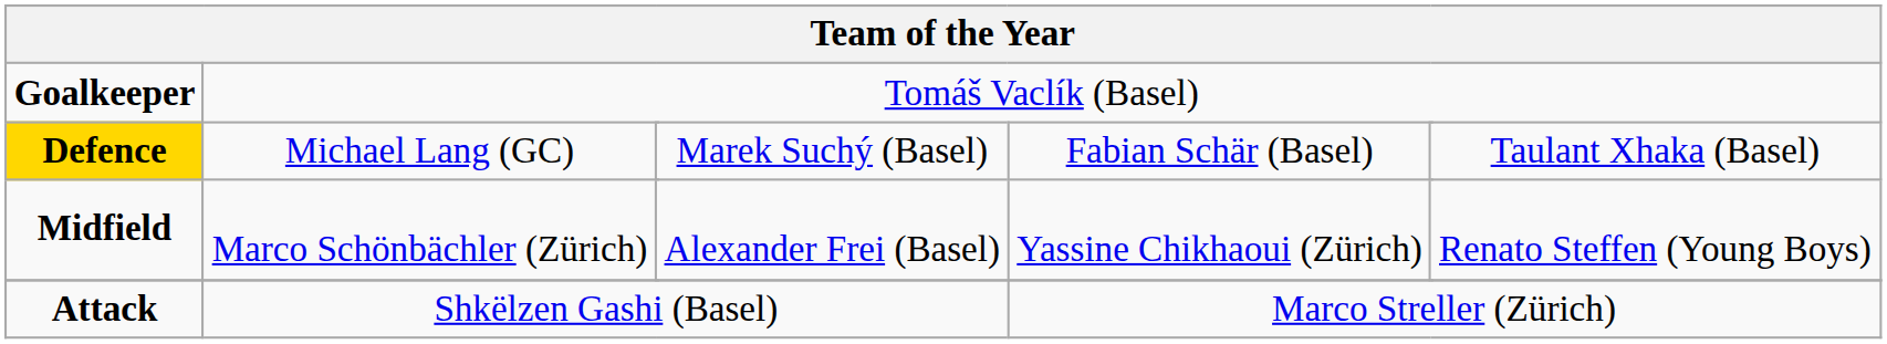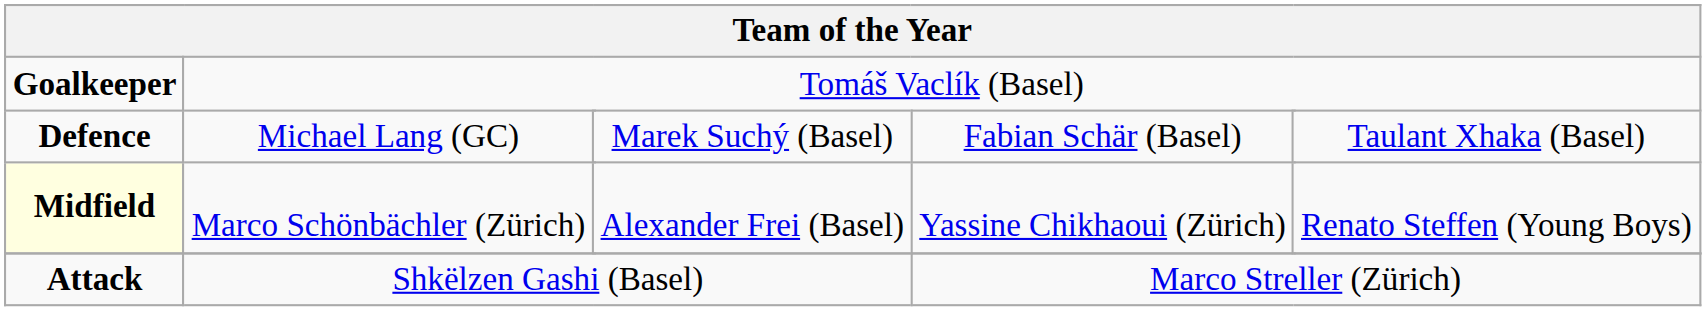 <table class="wikitable" style="text-align:center">
 <tr>
 <th colspan="13">Team of the Year</th>
 </tr>
 <tr>
 <td><strong>Goalkeeper</strong></td>
 <td colspan="12"> <a href='#'>Tomáš Vaclík</a> (Basel)</td>
 </tr>
 <tr>
-<td style="background: gold;"><strong>Defence</strong></td>
+<td><strong>Defence</strong></td>
 <td colspan="3"> <a href='#'>Michael Lang</a> (GC)</td>
 <td colspan="3"> <a href='#'>Marek Suchý</a> (Basel)</td>
 <td colspan="3"> <a href='#'>Fabian Schär</a> (Basel)</td>
 <td colspan="3"> <a href='#'>Taulant Xhaka</a> (Basel)</td>
 </tr>
 <tr>
-<td><strong>Midfield</strong></td>
+<td style="background: lightyellow;"><strong>Midfield</strong></td>
 <td colspan="3"><br> <a href='#'>Marco Schönbächler</a> (Zürich)</td>
 <td colspan="3"><br> <a href='#'>Alexander Frei</a> (Basel)</td>
 <td colspan="3"><br> <a href='#'>Yassine Chikhaoui</a> (Zürich)</td>
 <td colspan="3"><br> <a href='#'>Renato Steffen</a> (Young Boys)</td>
 </tr>
 <tr>
 </tr>
 <tr>
 <td><strong>Attack</strong></td>
 <td colspan="6"> <a href='#'>Shkëlzen Gashi</a> (Basel)</td>
 <td colspan="6"> <a href='#'>Marco Streller</a> (Zürich)</td>
 </tr>
 </table>
